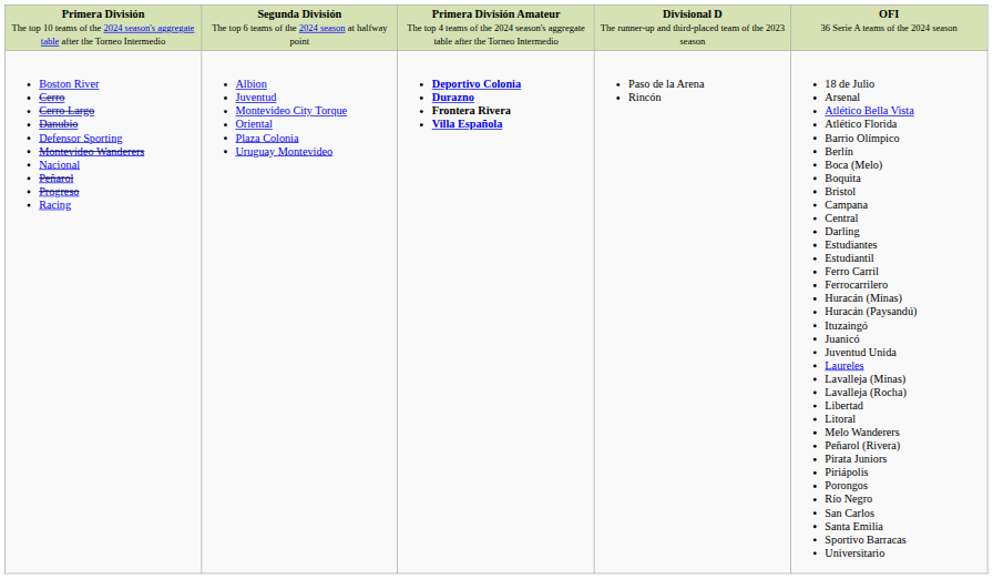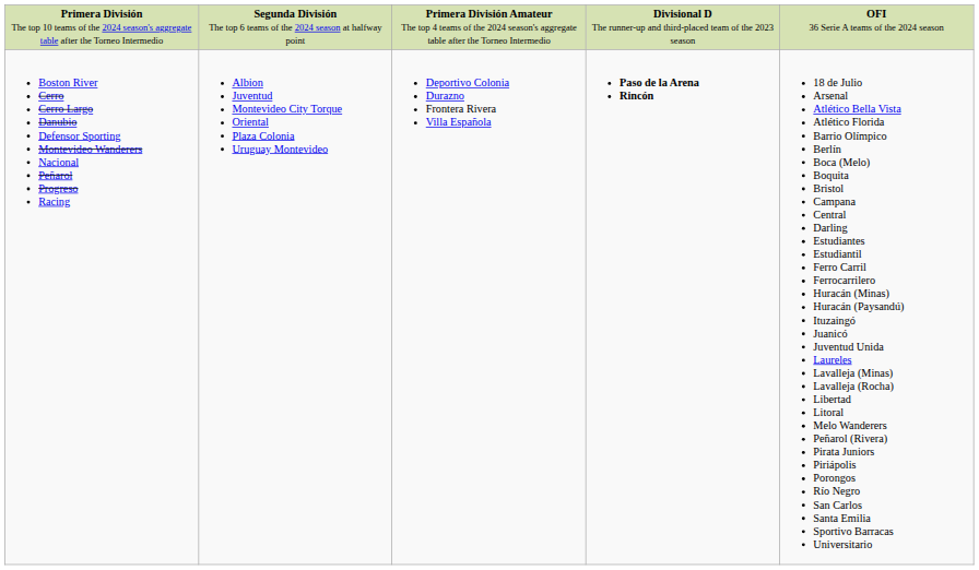 <table class="wikitable" style="font-size:90%">
 <tr style="background-color:#d6e2b3; text-align:center; vertical-align:top">
 <td style="width:20%"><strong>Primera División</strong><br><small>The top 10 teams of the <a href='#'>2024 season's aggregate table</a> after the Torneo Intermedio</small></td>
 <td style="width:20%"><strong>Segunda División</strong><br><small>The top 6 teams of the <a href='#'>2024 season</a> at halfway point</small></td>
 <td style="width:20%"><strong>Primera División Amateur</strong><br><small>The top 4 teams of the 2024 season's aggregate table after the Torneo Intermedio</small></td>
 <td style="width:20%"><strong>Divisional D</strong><br><small>The runner-up and third-placed team of the 2023 season</small></td>
 <td style="width:20%"><strong>OFI</strong><br><small>36 Serie A teams of the 2024 season</small></td>
 </tr>
 <tr style="vertical-align:top">
 <td><br><ul><li><a href='#'>Boston River</a></li><li><s><a href='#'>Cerro</a></s></li><li><s><a href='#'>Cerro Largo</a></s></li><li><s><a href='#'>Danubio</a></s></li><li><a href='#'>Defensor Sporting</a></li><li><s><a href='#'>Montevideo Wanderers</a></s></li><li><a href='#'>Nacional</a></li><li><s><a href='#'>Peñarol</a></s></li><li><s><a href='#'>Progreso</a></s></li><li><a href='#'>Racing</a></li></ul></td>
 <td><br><ul><li><a href='#'>Albion</a></li><li><a href='#'>Juventud</a></li><li><a href='#'>Montevideo City Torque</a></li><li><a href='#'>Oriental</a></li><li><a href='#'>Plaza Colonia</a></li><li><a href='#'>Uruguay Montevideo</a></li></ul></td>
-<td><strong><br><ul><li><a href='#'>Deportivo Colonia</a></li><li><a href='#'>Durazno</a></li><li>Frontera Rivera</li><li><a href='#'>Villa Española</a></li></ul></strong></td>
-<td><br><ul><li>Paso de la Arena</li><li>Rincón</li></ul></td>
+<td><br><ul><li><a href='#'>Deportivo Colonia</a></li><li><a href='#'>Durazno</a></li><li>Frontera Rivera</li><li><a href='#'>Villa Española</a></li></ul></td>
+<td><strong><br><ul><li>Paso de la Arena</li><li>Rincón</li></ul></strong></td>
 <td><br><ul><li>18 de Julio</li><li>Arsenal</li><li><a href='#'>Atlético Bella Vista</a></li><li>Atlético Florida</li><li>Barrio Olímpico</li><li>Berlín</li><li>Boca (Melo)</li><li>Boquita</li><li>Bristol</li><li>Campana</li><li>Central</li><li>Darling</li><li>Estudiantes</li><li>Estudiantil</li><li>Ferro Carril</li><li>Ferrocarrilero</li><li>Huracán (Minas)</li><li>Huracán (Paysandú)</li><li>Ituzaingó</li><li>Juanicó</li><li>Juventud Unida</li><li><a href='#'>Laureles</a></li><li>Lavalleja (Minas)</li><li>Lavalleja (Rocha)</li><li>Libertad</li><li>Litoral</li><li>Melo Wanderers</li><li>Peñarol (Rivera)</li><li>Pirata Juniors</li><li>Piriápolis</li><li>Porongos</li><li>Río Negro</li><li>San Carlos</li><li>Santa Emilia</li><li>Sportivo Barracas</li><li>Universitario</li></ul></td>
 </tr>
 </table>
